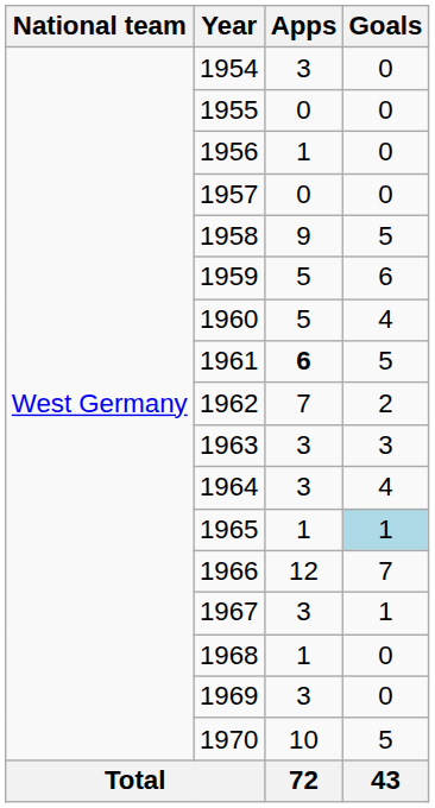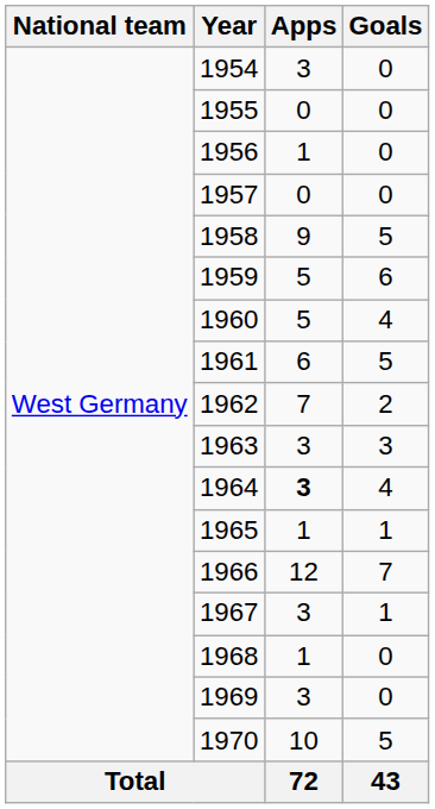 <table class="wikitable" style="text-align:center">
 <tr>
 <th>National team</th>
 <th>Year</th>
 <th>Apps</th>
 <th>Goals</th>
 </tr>
 <tr>
 <td rowspan="17"><a href='#'>West Germany</a></td>
 <td>1954</td>
 <td>3</td>
 <td>0</td>
 </tr>
 <tr>
 <td>1955</td>
 <td>0</td>
 <td>0</td>
 </tr>
 <tr>
 <td>1956</td>
 <td>1</td>
 <td>0</td>
 </tr>
 <tr>
 <td>1957</td>
 <td>0</td>
 <td>0</td>
 </tr>
 <tr>
 <td>1958</td>
 <td>9</td>
 <td>5</td>
 </tr>
 <tr>
 <td>1959</td>
 <td>5</td>
 <td>6</td>
 </tr>
 <tr>
 <td>1960</td>
 <td>5</td>
 <td>4</td>
 </tr>
 <tr>
 <td>1961</td>
-<td><strong>6</strong></td>
+<td>6</td>
 <td>5</td>
 </tr>
 <tr>
 <td>1962</td>
 <td>7</td>
 <td>2</td>
 </tr>
 <tr>
 <td>1963</td>
 <td>3</td>
 <td>3</td>
 </tr>
 <tr>
 <td>1964</td>
-<td>3</td>
+<td><strong>3</strong></td>
 <td>4</td>
 </tr>
 <tr>
 <td>1965</td>
 <td>1</td>
-<td style="background: lightblue;">1</td>
+<td>1</td>
 </tr>
 <tr>
 <td>1966</td>
 <td>12</td>
 <td>7</td>
 </tr>
 <tr>
 <td>1967</td>
 <td>3</td>
 <td>1</td>
 </tr>
 <tr>
 <td>1968</td>
 <td>1</td>
 <td>0</td>
 </tr>
 <tr>
 <td>1969</td>
 <td>3</td>
 <td>0</td>
 </tr>
 <tr>
 <td>1970</td>
 <td>10</td>
 <td>5</td>
 </tr>
 <tr>
 <th colspan="2">Total</th>
 <th>72</th>
 <th>43</th>
 </tr>
 </table>
